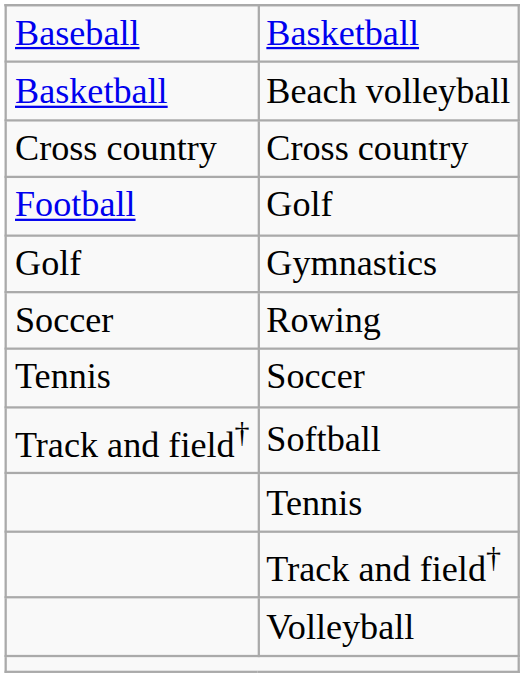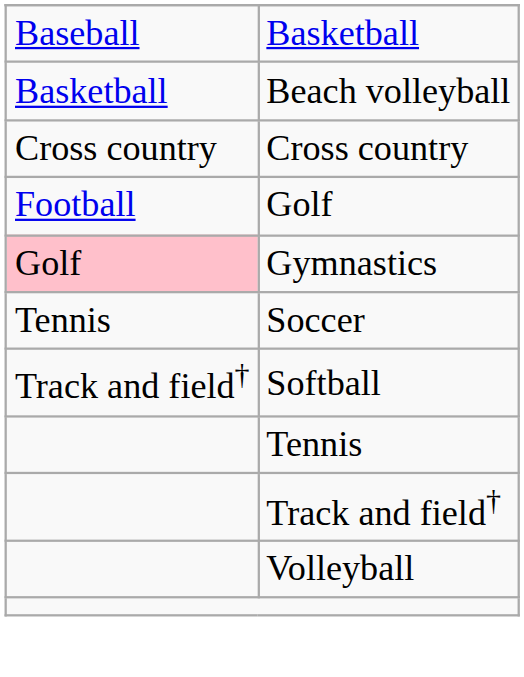 <table class="wikitable" style="float:right; clear:right; margin:0 0 1em 1em;">
 <tr>
 </tr>
 <tr>
 <td><a href='#'>Baseball</a></td>
 <td><a href='#'>Basketball</a></td>
 </tr>
 <tr>
 <td><a href='#'>Basketball</a></td>
 <td>Beach volleyball</td>
 </tr>
 <tr>
 <td>Cross country</td>
 <td>Cross country</td>
 </tr>
 <tr>
 <td><a href='#'>Football</a></td>
 <td>Golf</td>
 </tr>
 <tr>
-<td>Golf</td>
+<td style="background: pink;">Golf</td>
 <td>Gymnastics</td>
-</tr>
-<tr>
-<td>Soccer</td>
-<td>Rowing</td>
 </tr>
 <tr>
 <td>Tennis</td>
 <td>Soccer</td>
 </tr>
 <tr>
 <td>Track and field<sup>†</sup></td>
 <td>Softball</td>
 </tr>
 <tr>
 <td></td>
 <td>Tennis</td>
 </tr>
 <tr>
 <td></td>
 <td>Track and field<sup>†</sup></td>
 </tr>
 <tr>
 <td></td>
 <td>Volleyball</td>
 </tr>
 <tr>
 <td colspan="2"></td>
 </tr>
 </table>
